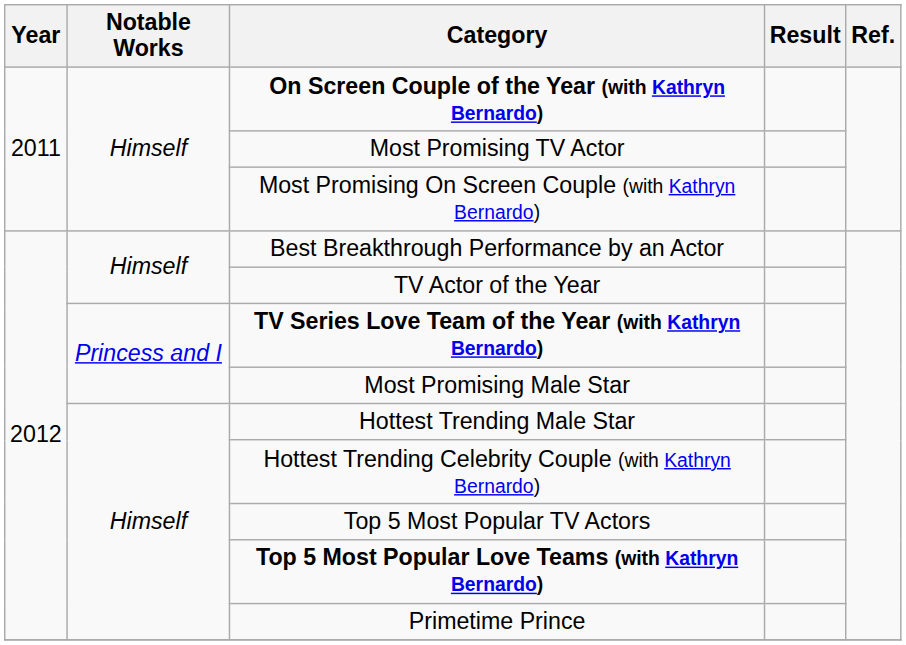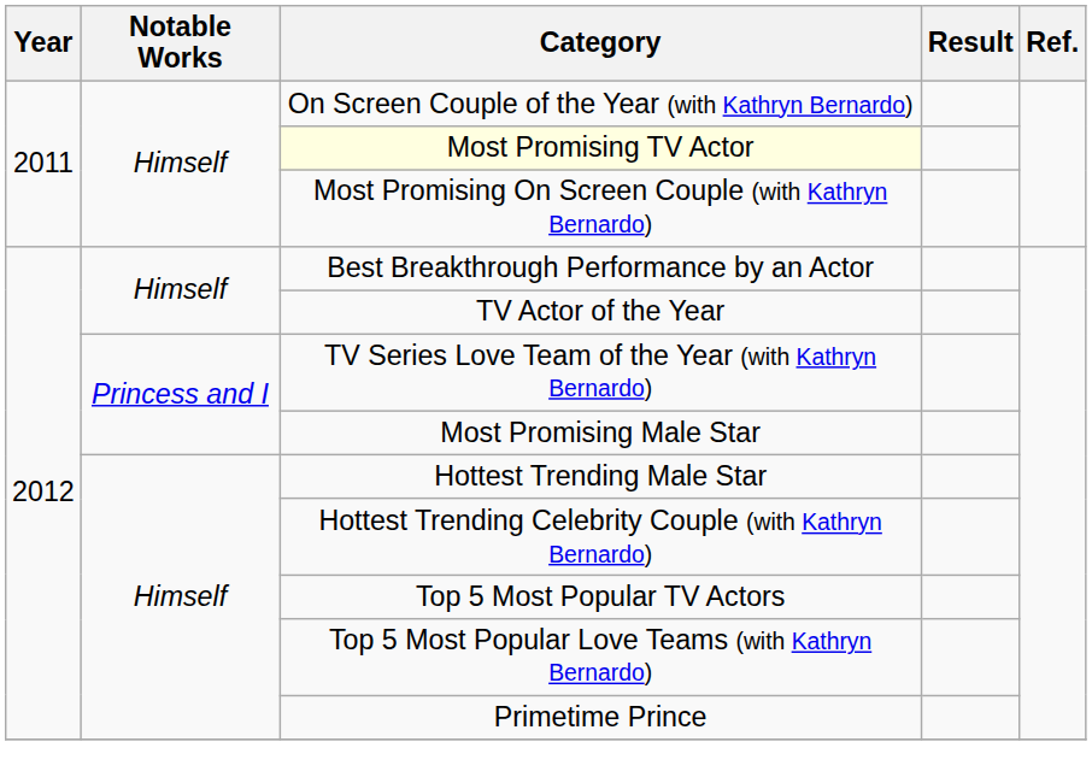 <table class="wikitable" style="text-align:center" width=70%>
 <tr>
 <th>Year</th>
 <th>Notable Works</th>
 <th>Category</th>
 <th>Result</th>
 <th>Ref.</th>
 </tr>
 <tr>
 <td rowspan=3>2011</td>
 <td rowspan=3><em>Himself</em></td>
-<td><strong>On Screen Couple of the Year <small>(with <a href='#'>Kathryn Bernardo</a>)</small></strong></td>
+<td>On Screen Couple of the Year <small>(with <a href='#'>Kathryn Bernardo</a>)</small></td>
 <td></td>
 <td rowspan=3></td>
 </tr>
 <tr>
-<td>Most Promising TV Actor</td>
+<td style="background: lightyellow;">Most Promising TV Actor</td>
 <td></td>
 </tr>
 <tr>
 <td>Most Promising On Screen Couple <small>(with <a href='#'>Kathryn Bernardo</a>)</small></td>
 <td></td>
 </tr>
 <tr>
 <td rowspan=9>2012</td>
 <td rowspan=2><em>Himself</em></td>
 <td>Best Breakthrough Performance by an Actor</td>
 <td></td>
 <td rowspan=9></td>
 </tr>
 <tr>
 <td>TV Actor of the Year</td>
 <td></td>
 </tr>
 <tr>
 <td rowspan=2><em><a href='#'>Princess and I</a></em></td>
-<td><strong>TV Series Love Team of the Year <small>(with <a href='#'>Kathryn Bernardo</a>)</small></strong></td>
+<td>TV Series Love Team of the Year <small>(with <a href='#'>Kathryn Bernardo</a>)</small></td>
 <td></td>
 </tr>
 <tr>
 <td>Most Promising Male Star</td>
 <td></td>
 </tr>
 <tr>
 <td rowspan=5><em>Himself</em></td>
 <td>Hottest Trending Male Star</td>
 <td></td>
 </tr>
 <tr>
 <td>Hottest Trending Celebrity Couple <small>(with <a href='#'>Kathryn Bernardo</a>)</small></td>
 <td></td>
 </tr>
 <tr>
 <td>Top 5 Most Popular TV Actors</td>
 <td></td>
 </tr>
 <tr>
-<td><strong>Top 5 Most Popular Love Teams <small>(with <a href='#'>Kathryn Bernardo</a>)</small></strong></td>
+<td>Top 5 Most Popular Love Teams <small>(with <a href='#'>Kathryn Bernardo</a>)</small></td>
 <td></td>
 </tr>
 <tr>
 <td>Primetime Prince</td>
 <td></td>
 </tr>
 <tr>
 </tr>
 </table>
